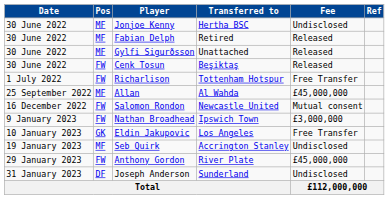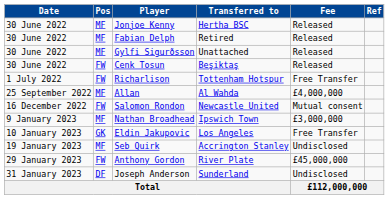 <table class="wikitable plainrowheaders sortable">
 <tr>
 <th style="background:#014593; color:#ffffff; ">Date</th>
 <th style="background:#014593; color:#ffffff; ">Pos</th>
 <th style="background:#014593; color:#ffffff; ">Player</th>
 <th style="background:#014593; color:#ffffff; ">Transferred to</th>
 <th style="background:#014593; color:#ffffff; ">Fee</th>
 <th style="background:#014593; color:#ffffff; ">Ref</th>
 </tr>
 <tr>
 <td>30 June 2022</td>
 <td><a href='#'>MF</a></td>
 <td> <a href='#'>Jonjoe Kenny</a></td>
 <td> <a href='#'>Hertha BSC</a></td>
-<td>Undisclosed</td>
+<td>Released</td>
 <td></td>
 </tr>
 <tr>
 <td>30 June 2022</td>
 <td><a href='#'>MF</a></td>
 <td> <a href='#'>Fabian Delph</a></td>
 <td>Retired</td>
 <td>Released</td>
 <td></td>
 </tr>
 <tr>
 <td>30 June 2022</td>
 <td><a href='#'>MF</a></td>
 <td> <a href='#'>Gylfi Sigurðsson</a></td>
 <td>Unattached</td>
 <td>Released</td>
 <td></td>
 </tr>
 <tr>
 <td>30 June 2022</td>
 <td><a href='#'>FW</a></td>
 <td> <a href='#'>Cenk Tosun</a></td>
 <td> <a href='#'>Beşiktaş</a></td>
 <td>Released</td>
 <td></td>
 </tr>
 <tr>
 <td>1 July 2022</td>
 <td><a href='#'>FW</a></td>
 <td> <a href='#'>Richarlison</a></td>
 <td> <a href='#'>Tottenham Hotspur</a></td>
 <td>Free Transfer</td>
 <td></td>
 </tr>
 <tr>
 <td>25 September 2022</td>
 <td><a href='#'>MF</a></td>
 <td> <a href='#'>Allan</a></td>
 <td> <a href='#'>Al Wahda</a></td>
-<td>£45,000,000</td>
+<td>£4,000,000</td>
 <td></td>
 </tr>
 <tr>
 <td>16 December 2022</td>
 <td><a href='#'>FW</a></td>
 <td> <a href='#'>Salomon Rondon</a></td>
 <td> <a href='#'>Newcastle United</a></td>
 <td>Mutual consent</td>
 <td></td>
 </tr>
 <tr>
 <td>9 January 2023</td>
-<td><a href='#'>FW</a></td>
+<td><a href='#'>MF</a></td>
 <td> <a href='#'>Nathan Broadhead</a></td>
 <td> <a href='#'>Ipswich Town</a></td>
 <td>£3,000,000</td>
 <td></td>
 </tr>
 <tr>
 <td>10 January 2023</td>
 <td><a href='#'>GK</a></td>
 <td> <a href='#'>Eldin Jakupovic</a></td>
 <td> <a href='#'>Los Angeles</a></td>
 <td>Free Transfer</td>
 <td></td>
 </tr>
 <tr>
 <td>19 January 2023</td>
 <td><a href='#'>MF</a></td>
 <td> <a href='#'>Seb Quirk</a></td>
 <td> <a href='#'>Accrington Stanley</a></td>
 <td>Undisclosed</td>
 <td></td>
 </tr>
 <tr>
 <td>29 January 2023</td>
 <td><a href='#'>FW</a></td>
 <td> <a href='#'>Anthony Gordon</a></td>
 <td> <a href='#'>River Plate</a></td>
 <td>£45,000,000</td>
 <td></td>
 </tr>
 <tr>
 <td>31 January 2023</td>
 <td><a href='#'>DF</a></td>
 <td> Joseph Anderson</td>
 <td> <a href='#'>Sunderland</a></td>
 <td>Undisclosed</td>
 <td></td>
 </tr>
 <tr>
 <th colspan="4">Total</th>
 <th colspan="3">£112,000,000</th>
 </tr>
 </table>
